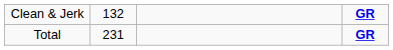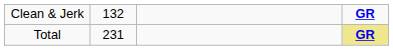 <table class = "wikitable" style="text-align:center;">
 <tr>
 <td width=100>Clean & Jerk</td>
 <td width=50>132</td>
 <td width=250 align=left></td>
 <td width=50><strong><a href='#'>GR</a></strong></td>
 </tr>
 <tr>
 <td>Total</td>
 <td>231</td>
 <td align=left></td>
-<td><strong><a href='#'>GR</a></strong></td>
+<td style="background: khaki;"><strong><a href='#'>GR</a></strong></td>
 </tr>
 </table>
